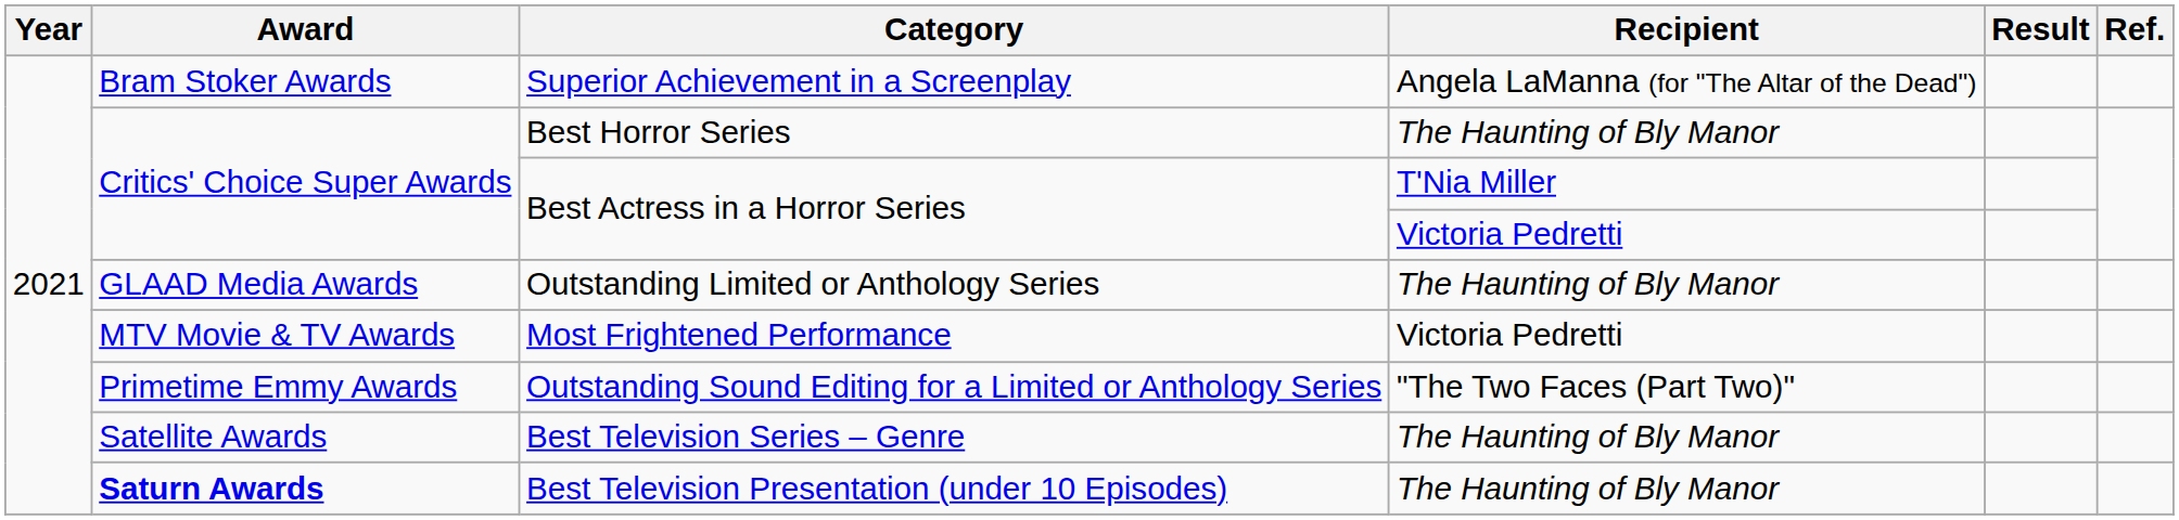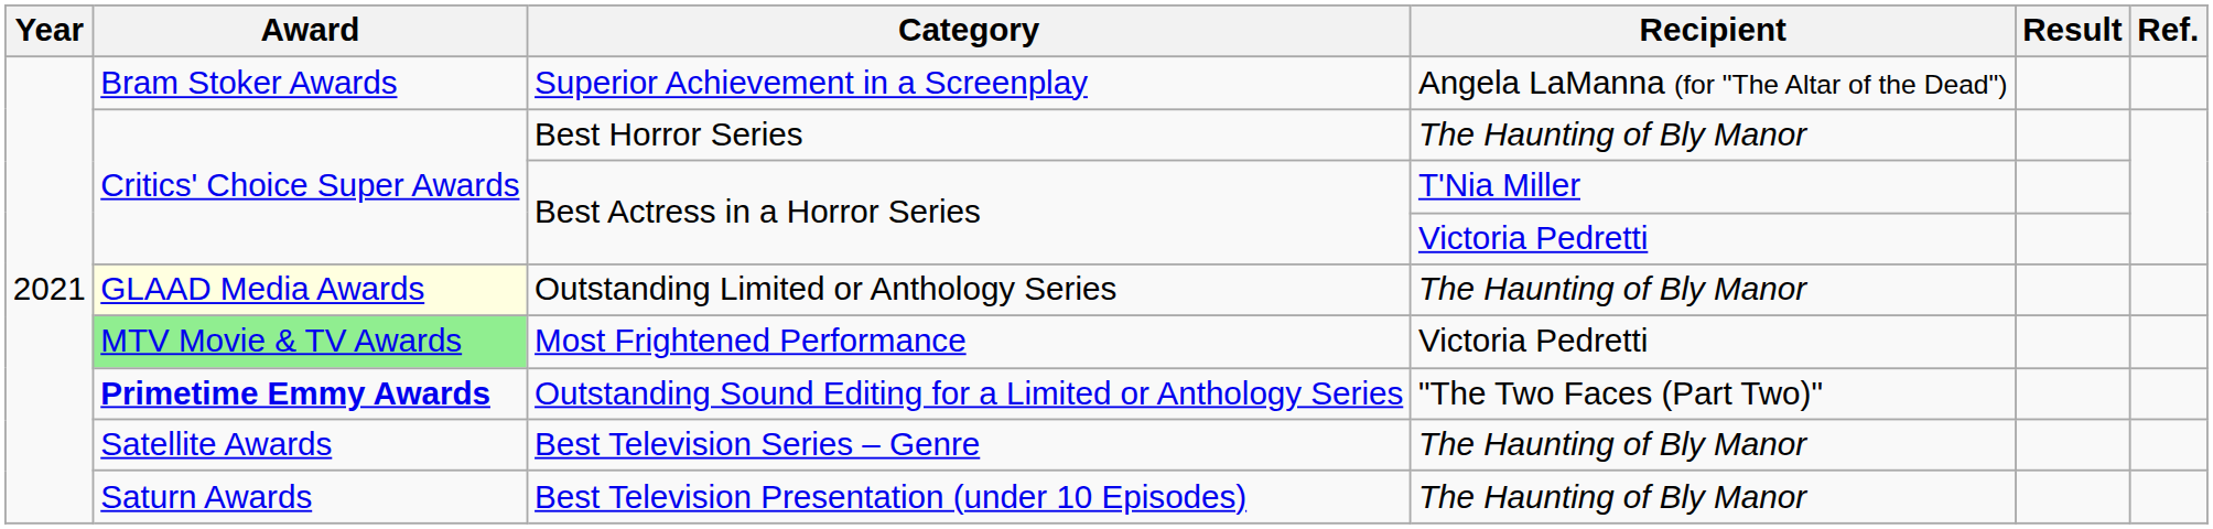 <table class="wikitable sortable">
 <tr>
 <th>Year</th>
 <th>Award</th>
 <th>Category</th>
 <th>Recipient</th>
 <th>Result</th>
 <th class="unsortable">Ref.</th>
 </tr>
 <tr>
 <td rowspan="9" style="text-align:center;">2021</td>
 <td><a href='#'>Bram Stoker Awards</a></td>
 <td><a href='#'>Superior Achievement in a Screenplay</a></td>
 <td>Angela LaManna <small>(for "The Altar of the Dead")</small></td>
 <td></td>
 <td align="center"></td>
 </tr>
 <tr>
 <td rowspan="3"><a href='#'>Critics' Choice Super Awards</a></td>
 <td>Best Horror Series</td>
 <td><em>The Haunting of Bly Manor</em></td>
 <td></td>
 <td rowspan="3" align="center"></td>
 </tr>
 <tr>
 <td rowspan="2">Best Actress in a Horror Series</td>
 <td><a href='#'>T'Nia Miller</a></td>
 <td></td>
 </tr>
 <tr>
 <td><a href='#'>Victoria Pedretti</a></td>
 <td></td>
 </tr>
 <tr>
-<td><a href='#'>GLAAD Media Awards</a></td>
+<td style="background: lightyellow;"><a href='#'>GLAAD Media Awards</a></td>
 <td>Outstanding Limited or Anthology Series</td>
 <td><em>The Haunting of Bly Manor</em></td>
 <td></td>
 <td align="center"></td>
 </tr>
 <tr>
-<td><a href='#'>MTV Movie & TV Awards</a></td>
+<td style="background: lightgreen;"><a href='#'>MTV Movie & TV Awards</a></td>
 <td><a href='#'>Most Frightened Performance</a></td>
 <td>Victoria Pedretti</td>
 <td></td>
 <td align="center"></td>
 </tr>
 <tr>
-<td><a href='#'>Primetime Emmy Awards</a></td>
+<td><strong><a href='#'>Primetime Emmy Awards</a></strong></td>
 <td><a href='#'>Outstanding Sound Editing for a Limited or Anthology Series</a></td>
 <td>"The Two Faces (Part Two)"</td>
 <td></td>
 <td align="center"></td>
 </tr>
 <tr>
 <td><a href='#'>Satellite Awards</a></td>
 <td><a href='#'>Best Television Series – Genre</a></td>
 <td><em>The Haunting of Bly Manor</em></td>
 <td></td>
 <td align="center"></td>
 </tr>
 <tr>
-<td><strong><a href='#'>Saturn Awards</a></strong></td>
+<td><a href='#'>Saturn Awards</a></td>
 <td><a href='#'>Best Television Presentation (under 10 Episodes)</a></td>
 <td><em>The Haunting of Bly Manor</em></td>
 <td></td>
 <td align="center"></td>
 </tr>
 </table>
